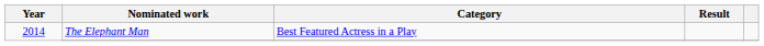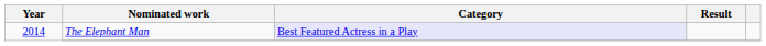 <table class="wikitable" style="width:85%;">
 <tr>
 <th scope="col" style="width:5em;">Year</th>
 <th scope="col" style="width:20em;">Nominated work</th>
 <th scope="col" style="width:40em;">Category</th>
 <th scope="col" style="width:5em;">Result</th>
 <th class="unsortable" style="width:1em;"></th>
 </tr>
 <tr>
 <td style="text-align:center;" rowspan="3"><a href='#'>2014</a></td>
 <td><em><a href='#'>The Elephant Man</a></em></td>
-<td><a href='#'>Best Featured Actress in a Play</a></td>
+<td style="background: lavender;"><a href='#'>Best Featured Actress in a Play</a></td>
 <td></td>
 <td align="center"></td>
 </tr>
 <tr>
 </tr>
 </table>
